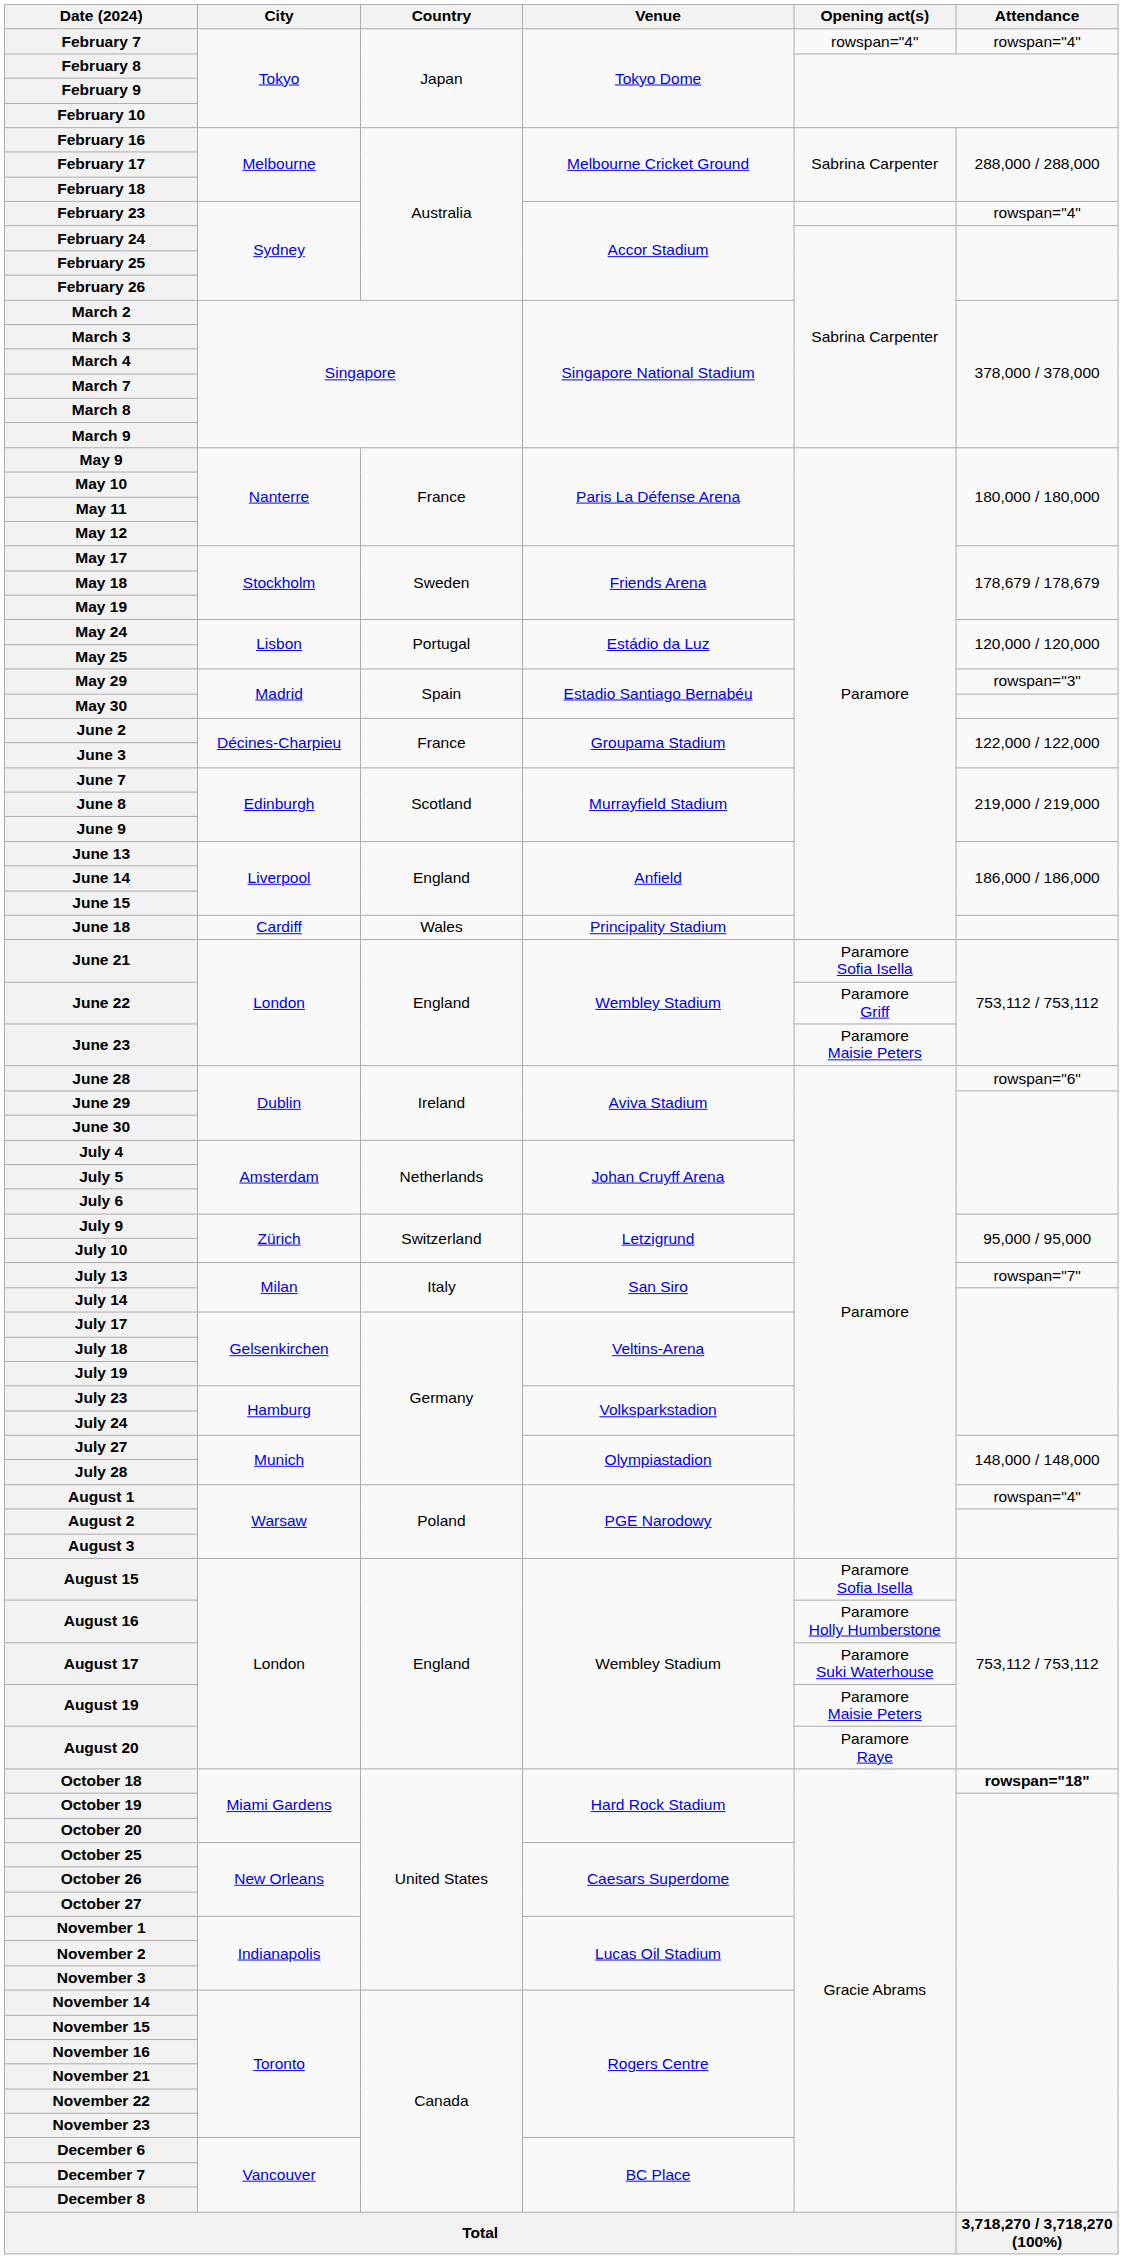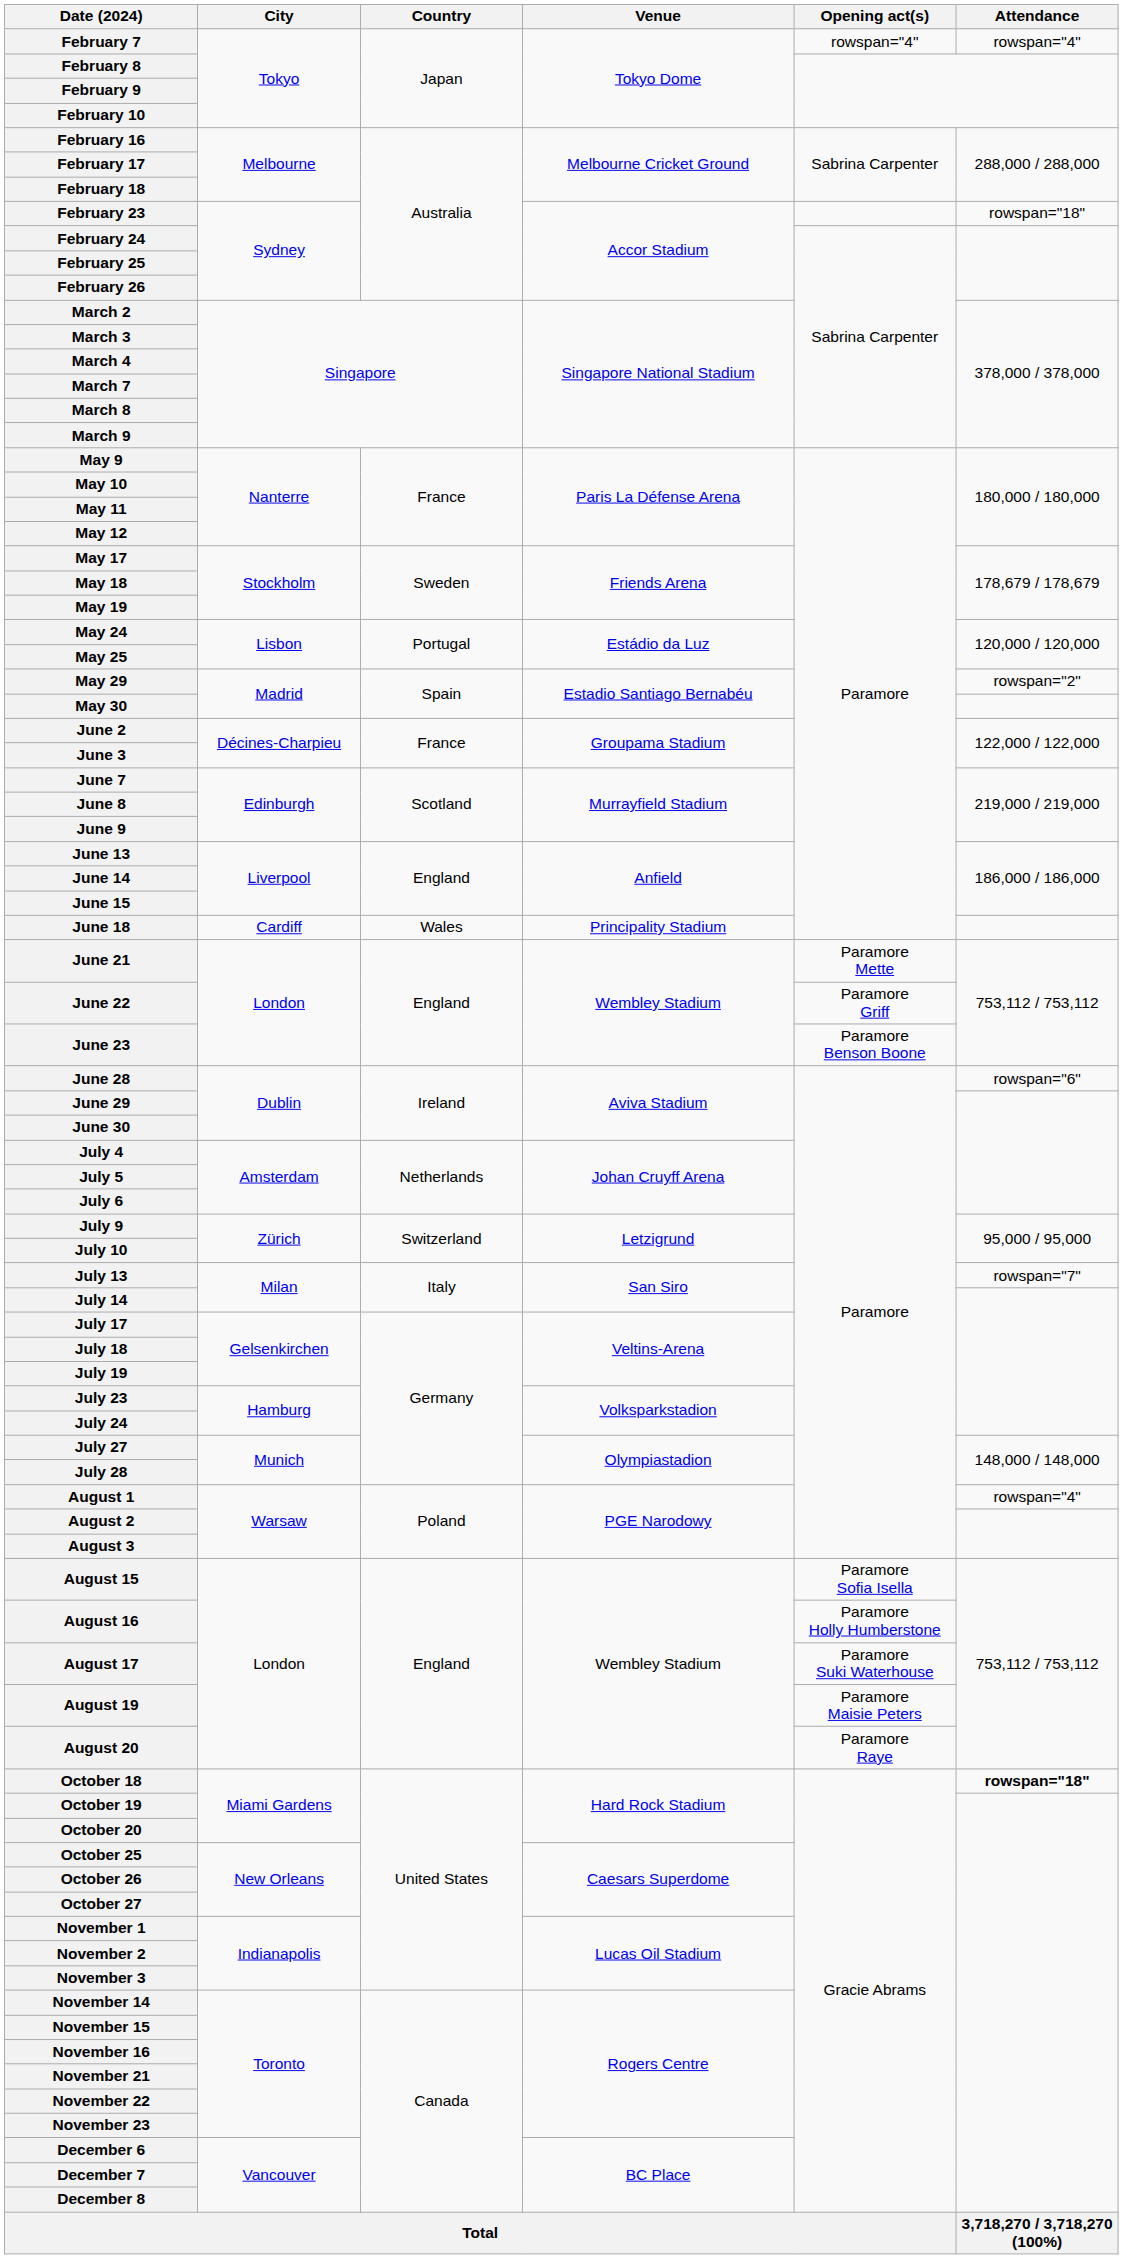 <table class="wikitable plainrowheaders" style="text-align:center;">
 <tr>
 <th scope="col" style="width:12em;">Date (2024)</th>
 <th scope="col" style="width:10em;">City</th>
 <th scope="col" style="width:10em;">Country</th>
 <th scope="col" style="width:17em;">Venue</th>
 <th scope="col" style="width:10em;">Opening act(s)</th>
 <th scope="col" style="width:10em;">Attendance</th>
 </tr>
 <tr>
 <th scope="row" style="text-align:center;">February 7</th>
 <td rowspan="4"><a href='#'>Tokyo</a></td>
 <td rowspan="4">Japan</td>
 <td rowspan="4"><a href='#'>Tokyo Dome</a></td>
 <td>rowspan="4" </td>
 <td>rowspan="4" </td>
 </tr>
 <tr>
 <th scope="row" style="text-align:center;">February 8</th>
 </tr>
 <tr>
 <th scope="row" style="text-align:center;">February 9</th>
 </tr>
 <tr>
 <th scope="row" style="text-align:center;">February 10</th>
 </tr>
 <tr>
 <th scope="row" style="text-align:center;">February 16</th>
 <td rowspan="3"><a href='#'>Melbourne</a></td>
 <td rowspan="7">Australia</td>
 <td rowspan="3"><a href='#'>Melbourne Cricket Ground</a></td>
 <td rowspan="3">Sabrina Carpenter</td>
 <td rowspan="3">288,000 / 288,000</td>
 </tr>
 <tr>
 <th scope="row" style="text-align:center;">February 17</th>
 </tr>
 <tr>
 <th scope="row" style="text-align:center;">February 18</th>
 </tr>
 <tr>
 <th scope="row" style="text-align:center;">February 23</th>
 <td rowspan="4"><a href='#'>Sydney</a></td>
 <td rowspan="4"><a href='#'>Accor Stadium</a></td>
 <td></td>
-<td>rowspan="4" </td>
+<td>rowspan="18" </td>
 </tr>
 <tr>
 <th scope="row" style="text-align:center;">February 24</th>
 <td rowspan="9">Sabrina Carpenter</td>
 </tr>
 <tr>
 <th scope="row" style="text-align:center;">February 25</th>
 </tr>
 <tr>
 <th scope="row" style="text-align:center;">February 26</th>
 </tr>
 <tr>
 <th scope="row" style="text-align:center;">March 2</th>
 <td colspan="2" rowspan="6"><a href='#'>Singapore</a></td>
 <td rowspan="6"><a href='#'>Singapore National Stadium</a></td>
 <td rowspan="6">378,000 / 378,000</td>
 </tr>
 <tr>
 <th scope="row" style="text-align:center;">March 3</th>
 </tr>
 <tr>
 <th scope="row" style="text-align:center;">March 4</th>
 </tr>
 <tr>
 <th scope="row" style="text-align:center;">March 7</th>
 </tr>
 <tr>
 <th scope="row" style="text-align:center;">March 8</th>
 </tr>
 <tr>
 <th scope="row" style="text-align:center;">March 9</th>
 </tr>
 <tr>
 <th scope="row" style="text-align:center;">May 9</th>
 <td rowspan="4"><a href='#'>Nanterre</a></td>
 <td rowspan="4">France</td>
 <td rowspan="4"><a href='#'>Paris La Défense Arena</a></td>
 <td rowspan="20">Paramore</td>
 <td rowspan="4">180,000 / 180,000</td>
 </tr>
 <tr>
 <th scope="row" style="text-align:center;">May 10</th>
 </tr>
 <tr>
 <th scope="row" style="text-align:center;">May 11</th>
 </tr>
 <tr>
 <th scope="row" style="text-align:center;">May 12</th>
 </tr>
 <tr>
 <th scope="row" style="text-align:center;">May 17</th>
 <td rowspan="3"><a href='#'>Stockholm</a></td>
 <td rowspan="3">Sweden</td>
 <td rowspan="3"><a href='#'>Friends Arena</a></td>
 <td rowspan="3">178,679 / 178,679</td>
 </tr>
 <tr>
 <th scope="row" style="text-align:center;">May 18</th>
 </tr>
 <tr>
 <th scope="row" style="text-align:center;">May 19</th>
 </tr>
 <tr>
 <th scope="row" style="text-align:center;">May 24</th>
 <td rowspan="2"><a href='#'>Lisbon</a></td>
 <td rowspan="2">Portugal</td>
 <td rowspan="2"><a href='#'>Estádio da Luz</a></td>
 <td rowspan="2">120,000 / 120,000</td>
 </tr>
 <tr>
 <th scope="row" style="text-align:center;">May 25</th>
 </tr>
 <tr>
 <th scope="row" style="text-align:center;">May 29</th>
 <td rowspan="2"><a href='#'>Madrid</a></td>
 <td rowspan="2">Spain</td>
 <td rowspan="2"><a href='#'>Estadio Santiago Bernabéu</a></td>
-<td>rowspan="3" </td>
+<td>rowspan="2" </td>
 </tr>
 <tr>
 <th scope="row" style="text-align:center;">May 30</th>
 </tr>
 <tr>
 <th scope="row" style="text-align:center;">June 2</th>
 <td rowspan="2"><a href='#'>Décines-Charpieu</a></td>
 <td rowspan="2">France</td>
 <td rowspan="2"><a href='#'>Groupama Stadium</a></td>
 <td rowspan="2">122,000 / 122,000</td>
 </tr>
 <tr>
 <th scope="row" style="text-align:center;">June 3</th>
 </tr>
 <tr>
 <th scope="row" style="text-align:center;">June 7</th>
 <td rowspan="3"><a href='#'>Edinburgh</a></td>
 <td rowspan="3">Scotland</td>
 <td rowspan="3"><a href='#'>Murrayfield Stadium</a></td>
 <td rowspan="3">219,000 / 219,000</td>
 </tr>
 <tr>
 <th scope="row" style="text-align:center;">June 8</th>
 </tr>
 <tr>
 <th scope="row" style="text-align:center;">June 9</th>
 </tr>
 <tr>
 <th scope="row" style="text-align:center;">June 13</th>
 <td rowspan="3"><a href='#'>Liverpool</a></td>
 <td rowspan="3">England</td>
 <td rowspan="3"><a href='#'>Anfield</a></td>
 <td rowspan="3">186,000 / 186,000</td>
 </tr>
 <tr>
 <th scope="row" style="text-align:center;">June 14</th>
 </tr>
 <tr>
 <th scope="row" style="text-align:center;">June 15</th>
 </tr>
 <tr>
 <th scope="row" style="text-align:center;">June 18</th>
 <td><a href='#'>Cardiff</a></td>
 <td>Wales</td>
 <td><a href='#'>Principality Stadium</a></td>
 <td></td>
 </tr>
 <tr>
 <th scope="row" style="text-align:center;">June 21</th>
 <td rowspan="3"><a href='#'>London</a></td>
 <td rowspan="3">England</td>
 <td rowspan="3"><a href='#'>Wembley Stadium</a></td>
-<td>Paramore<br> <a href='#'>Sofia Isella</a></td>
+<td>Paramore <br><a href='#'>Mette</a></td>
 <td rowspan="3">753,112 / 753,112</td>
 </tr>
 <tr>
 <th scope="row" style="text-align:center;">June 22</th>
 <td>Paramore <br> <a href='#'>Griff</a></td>
 </tr>
 <tr>
 <th scope="row" style="text-align:center;">June 23</th>
-<td>Paramore<br> <a href='#'>Maisie Peters</a></td>
+<td>Paramore <br> <a href='#'>Benson Boone</a></td>
 </tr>
 <tr>
 <th scope="row" style="text-align:center;">June 28</th>
 <td rowspan="3"><a href='#'>Dublin</a></td>
 <td rowspan="3">Ireland</td>
 <td rowspan="3"><a href='#'>Aviva Stadium</a></td>
 <td rowspan="20">Paramore</td>
 <td>rowspan="6" </td>
 </tr>
 <tr>
 <th scope="row" style="text-align:center;">June 29</th>
 </tr>
 <tr>
 <th scope="row" style="text-align:center;">June 30</th>
 </tr>
 <tr>
 <th scope="row" style="text-align:center;">July 4</th>
 <td rowspan="3"><a href='#'>Amsterdam</a></td>
 <td rowspan="3">Netherlands</td>
 <td rowspan="3"><a href='#'>Johan Cruyff Arena</a></td>
 </tr>
 <tr>
 <th scope="row" style="text-align:center;">July 5</th>
 </tr>
 <tr>
 <th scope="row" style="text-align:center;">July 6</th>
 </tr>
 <tr>
 <th scope="row" style="text-align:center;">July 9</th>
 <td rowspan="2"><a href='#'>Zürich</a></td>
 <td rowspan="2">Switzerland</td>
 <td rowspan="2"><a href='#'>Letzigrund</a></td>
 <td rowspan="2">95,000 / 95,000</td>
 </tr>
 <tr>
 <th scope="row" style="text-align:center;">July 10</th>
 </tr>
 <tr>
 <th scope="row" style="text-align:center;">July 13</th>
 <td rowspan="2"><a href='#'>Milan</a></td>
 <td rowspan="2">Italy</td>
 <td rowspan="2"><a href='#'>San Siro</a></td>
 <td>rowspan="7" </td>
 </tr>
 <tr>
 <th scope="row" style="text-align:center;">July 14</th>
 </tr>
 <tr>
 <th scope="row" style="text-align:center;">July 17</th>
 <td rowspan="3"><a href='#'>Gelsenkirchen</a></td>
 <td rowspan="7">Germany</td>
 <td rowspan="3"><a href='#'>Veltins-Arena</a></td>
 </tr>
 <tr>
 <th scope="row" style="text-align:center;">July 18</th>
 </tr>
 <tr>
 <th scope="row" style="text-align:center;">July 19</th>
 </tr>
 <tr>
 <th scope="row" style="text-align:center;">July 23</th>
 <td rowspan="2"><a href='#'>Hamburg</a></td>
 <td rowspan="2"><a href='#'>Volksparkstadion</a></td>
 </tr>
 <tr>
 <th scope="row" style="text-align:center;">July 24</th>
 </tr>
 <tr>
 <th scope="row" style="text-align:center;">July 27</th>
 <td rowspan="2"><a href='#'>Munich</a></td>
 <td rowspan="2"><a href='#'>Olympiastadion</a></td>
 <td rowspan="2">148,000 / 148,000</td>
 </tr>
 <tr>
 <th scope="row" style="text-align:center;">July 28</th>
 </tr>
 <tr>
 <th scope="row" style="text-align:center;">August 1</th>
 <td rowspan="3"><a href='#'>Warsaw</a></td>
 <td rowspan="3">Poland</td>
 <td rowspan="3"><a href='#'>PGE Narodowy</a></td>
 <td>rowspan="4" </td>
 </tr>
 <tr>
 <th scope="row" style="text-align:center;">August 2</th>
 </tr>
 <tr>
 <th scope="row" style="text-align:center;">August 3</th>
 </tr>
 <tr>
 <th scope="row" style="text-align:center;">August 15</th>
 <td rowspan="5">London</td>
 <td rowspan="5">England</td>
 <td rowspan="5">Wembley Stadium</td>
 <td>Paramore<br> <a href='#'>Sofia Isella</a></td>
 <td rowspan="5">753,112 / 753,112</td>
 </tr>
 <tr>
 <th scope="row" style="text-align:center;">August 16</th>
 <td>Paramore<br> <a href='#'>Holly Humberstone</a></td>
 </tr>
 <tr>
 <th scope="row" style="text-align:center;">August 17</th>
 <td>Paramore<br> <a href='#'>Suki Waterhouse</a></td>
 </tr>
 <tr>
 <th scope="row" style="text-align:center;">August 19</th>
 <td>Paramore<br> <a href='#'>Maisie Peters</a></td>
 </tr>
 <tr>
 <th scope="row" style="text-align:center;">August 20</th>
 <td>Paramore<br> <a href='#'>Raye</a></td>
 </tr>
 <tr>
 <th scope="row" style="text-align:center;">October 18</th>
 <td rowspan="3"><a href='#'>Miami Gardens</a></td>
 <td rowspan="9">United States</td>
 <td rowspan="3"><a href='#'>Hard Rock Stadium</a></td>
 <td rowspan="18">Gracie Abrams</td>
 <td><strong>rowspan="18" </strong></td>
 </tr>
 <tr>
 <th scope="row" style="text-align:center;">October 19</th>
 </tr>
 <tr>
 <th scope="row" style="text-align:center;">October 20</th>
 </tr>
 <tr>
 <th scope="row" style="text-align:center;">October 25</th>
 <td rowspan="3"><a href='#'>New Orleans</a></td>
 <td rowspan="3"><a href='#'>Caesars Superdome</a></td>
 </tr>
 <tr>
 <th scope="row" style="text-align:center;">October 26</th>
 </tr>
 <tr>
 <th scope="row" style="text-align:center;">October 27</th>
 </tr>
 <tr>
 <th scope="row" style="text-align:center;">November 1</th>
 <td rowspan="3"><a href='#'>Indianapolis</a></td>
 <td rowspan="3"><a href='#'>Lucas Oil Stadium</a></td>
 </tr>
 <tr>
 <th scope="row" style="text-align:center;">November 2</th>
 </tr>
 <tr>
 <th scope="row" style="text-align:center;">November 3</th>
 </tr>
 <tr>
 <th scope="row" style="text-align:center;">November 14</th>
 <td rowspan="6"><a href='#'>Toronto</a></td>
 <td rowspan="9">Canada</td>
 <td rowspan="6"><a href='#'>Rogers Centre</a></td>
 </tr>
 <tr>
 <th scope="row" style="text-align:center;">November 15</th>
 </tr>
 <tr>
 <th scope="row" style="text-align:center;">November 16</th>
 </tr>
 <tr>
 <th scope="row" style="text-align:center;">November 21</th>
 </tr>
 <tr>
 <th scope="row" style="text-align:center;">November 22</th>
 </tr>
 <tr>
 <th scope="row" style="text-align:center;">November 23</th>
 </tr>
 <tr>
 <th scope="row" style="text-align:center;">December 6</th>
 <td rowspan="3"><a href='#'>Vancouver</a></td>
 <td rowspan="3"><a href='#'>BC Place</a></td>
 </tr>
 <tr>
 <th scope="row" style="text-align:center;">December 7</th>
 </tr>
 <tr>
 <th scope="row" style="text-align:center;">December 8</th>
 </tr>
 <tr>
 <th colspan="5">Total</th>
 <th>3,718,270 / 3,718,270 (100%)</th>
 </tr>
 </table>
